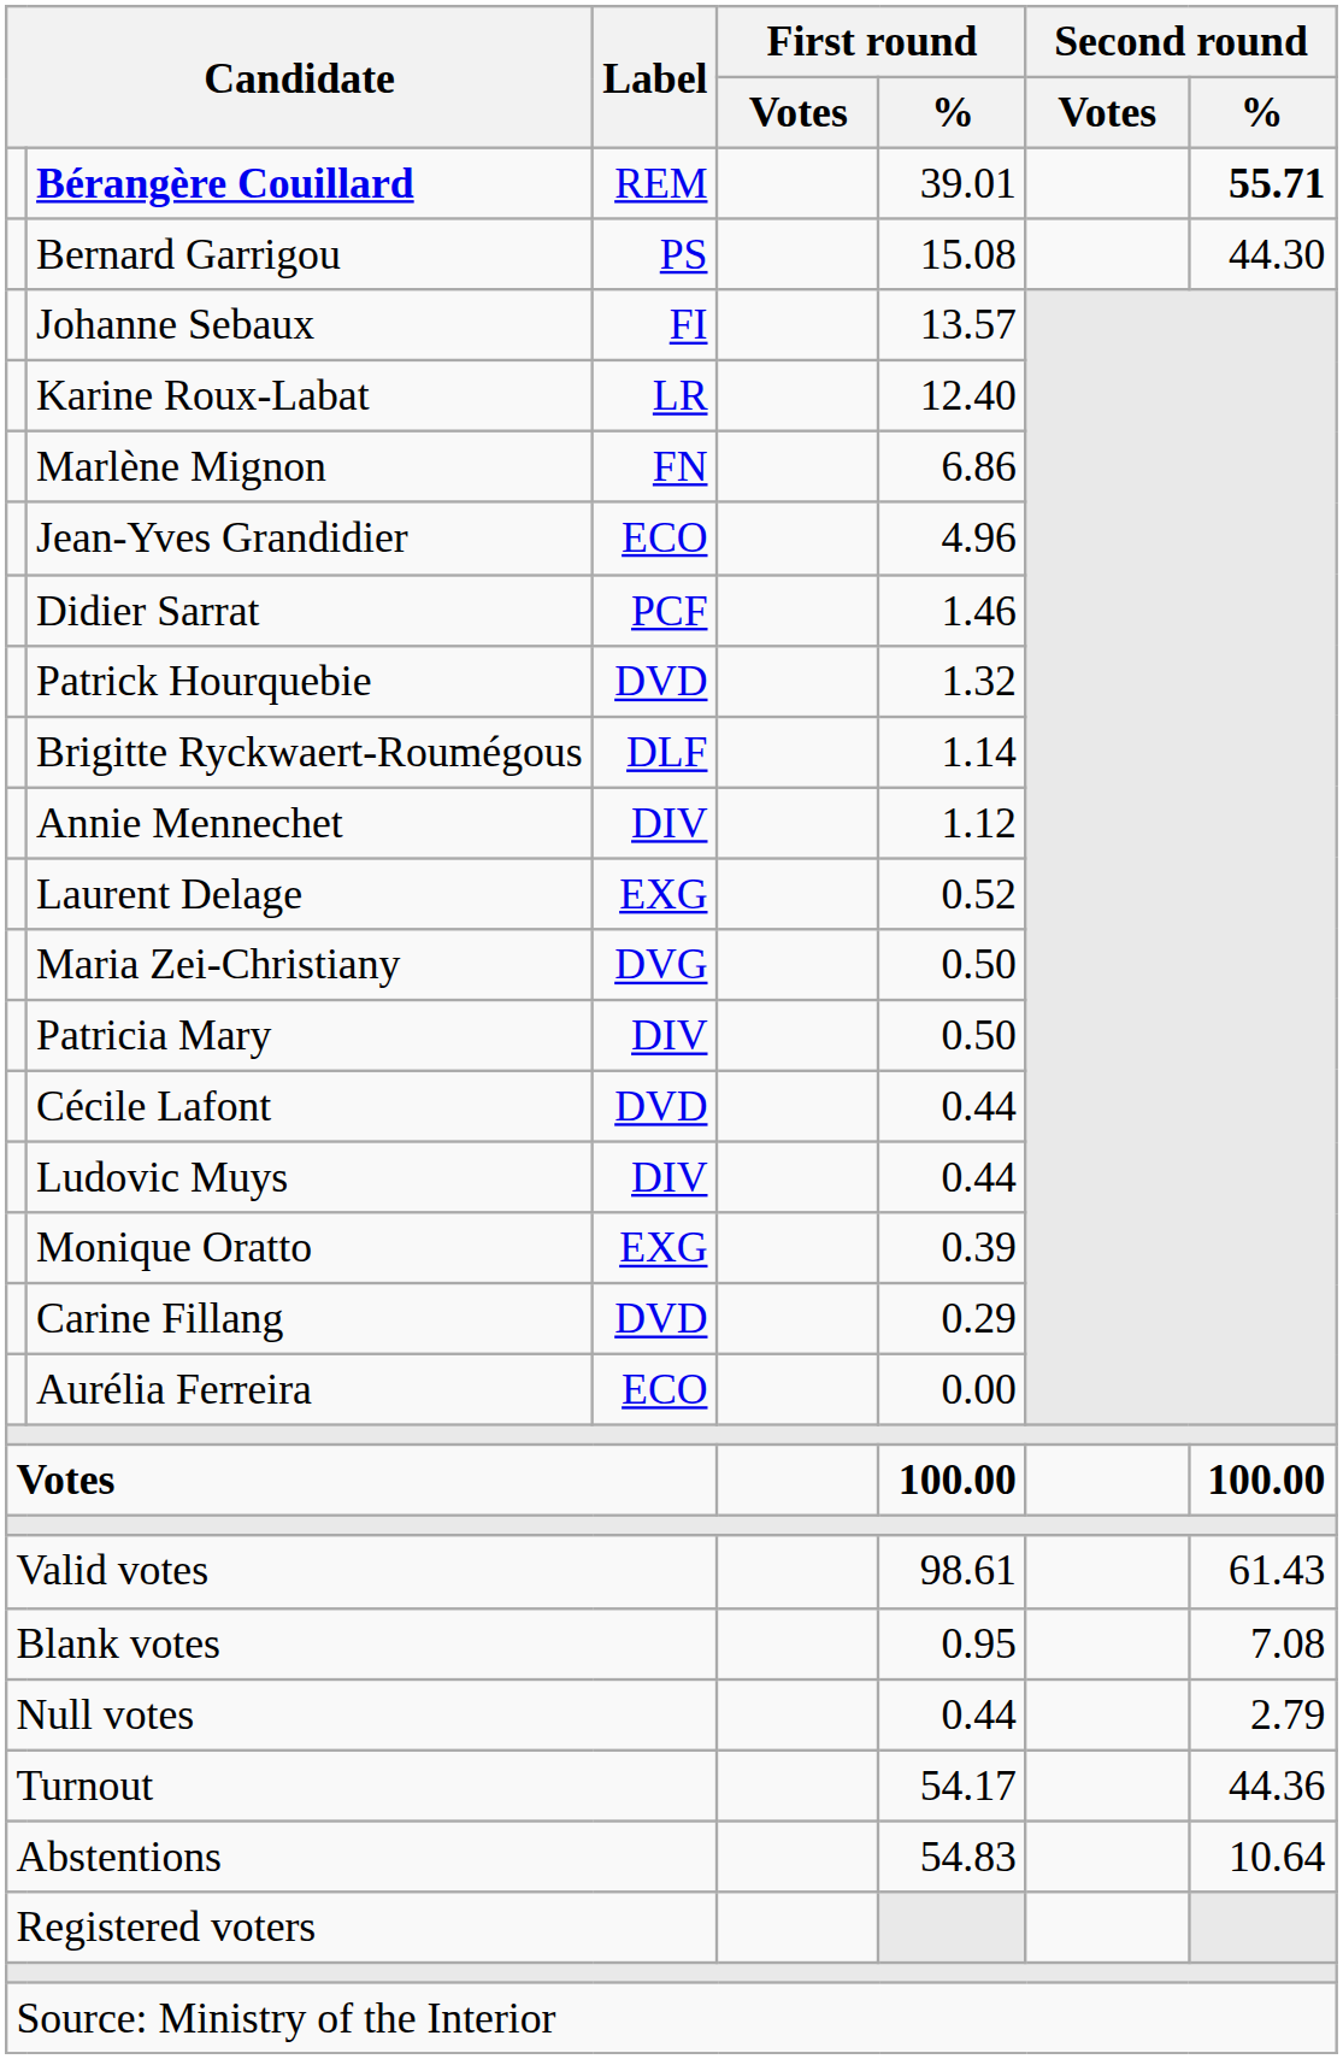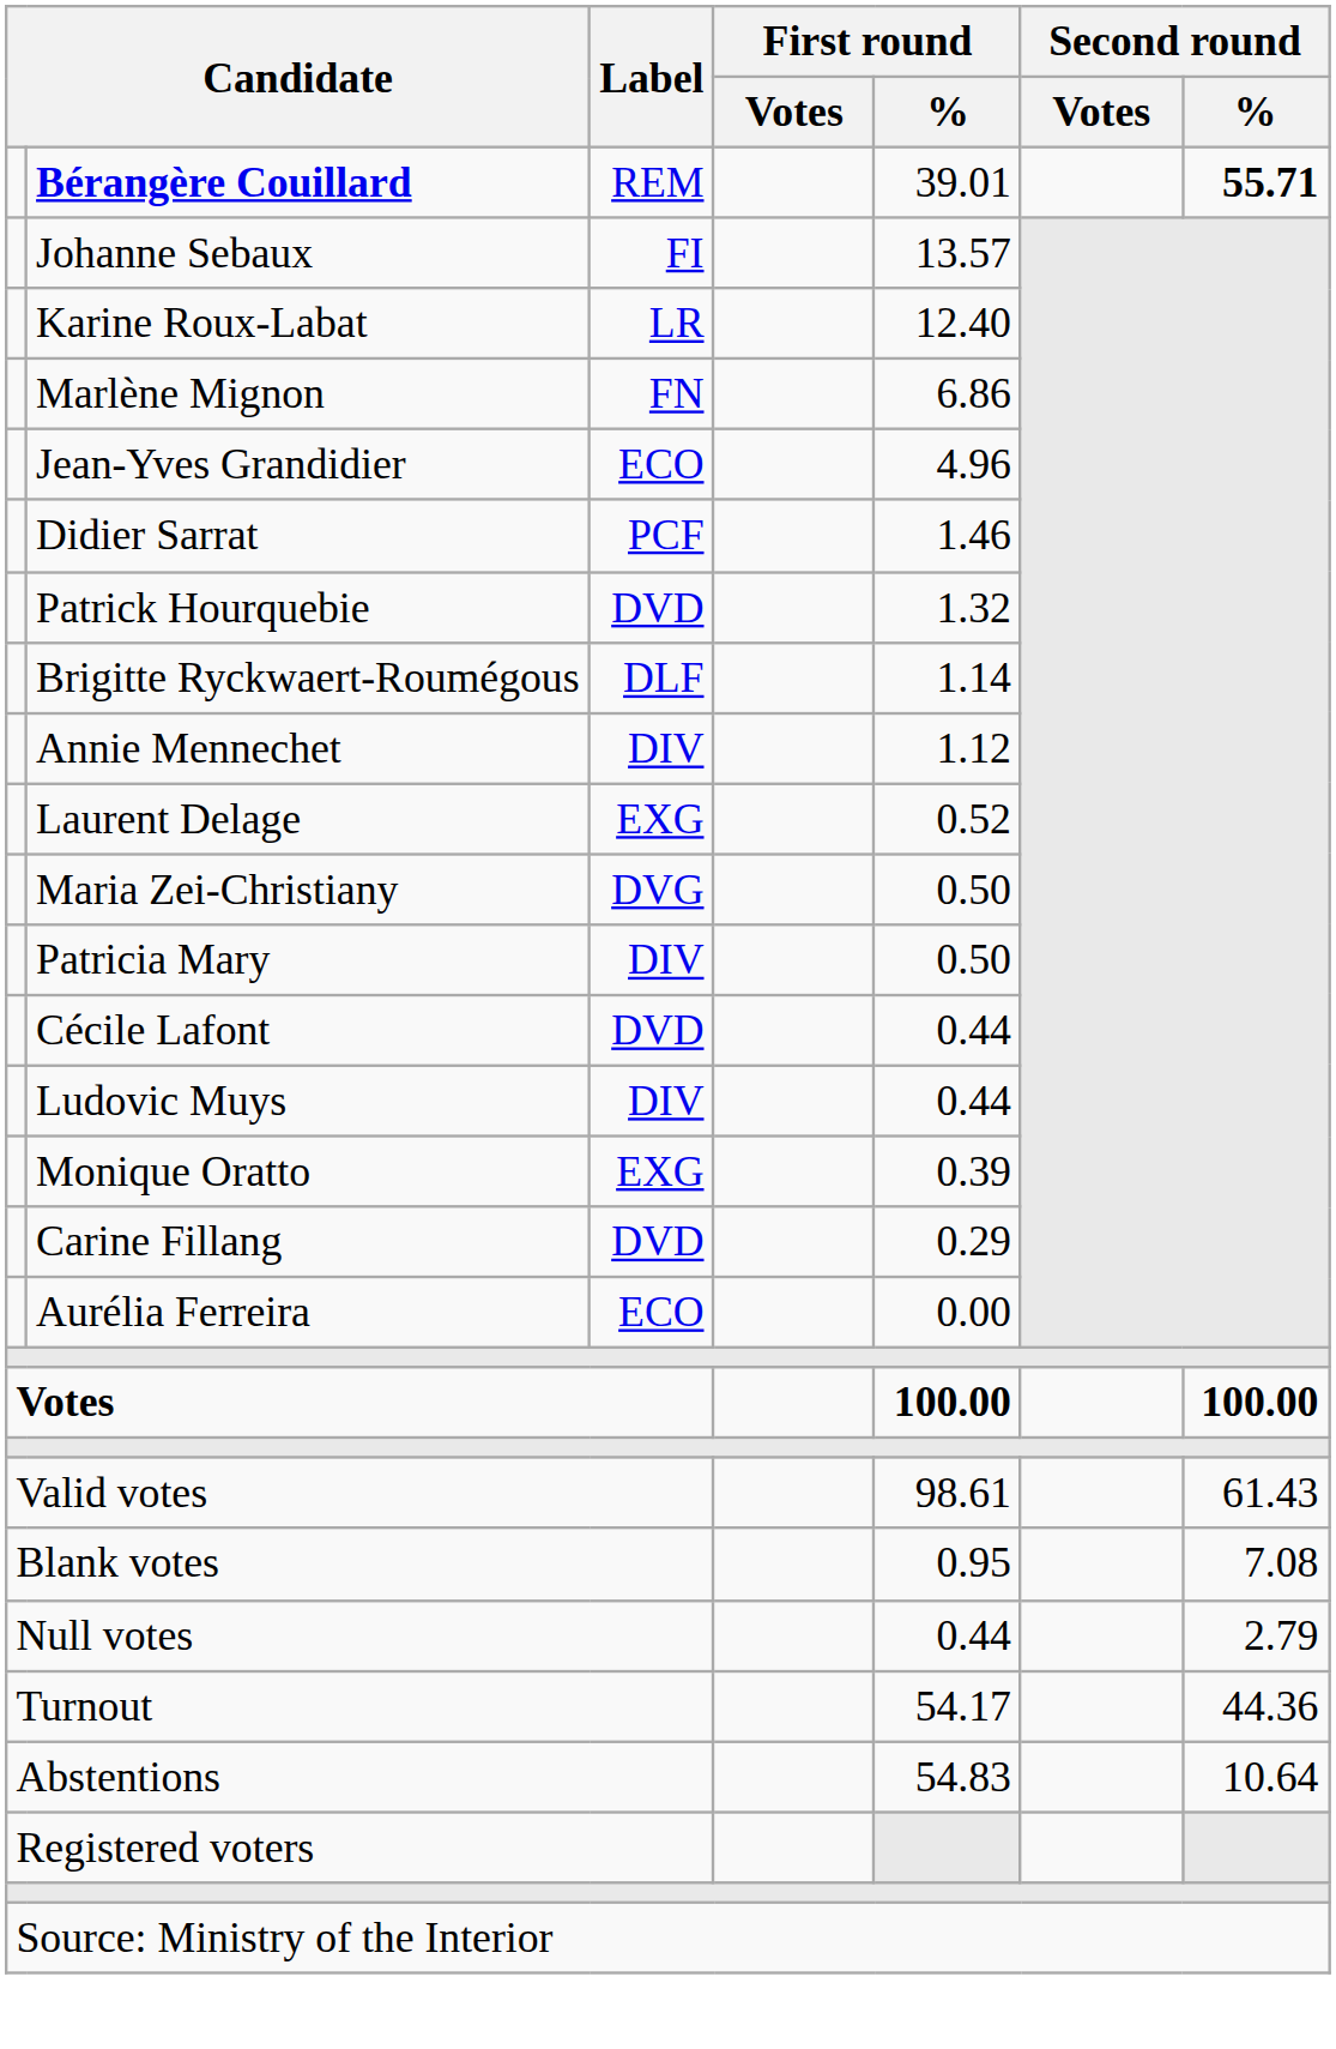 <table class="wikitable" style="text-align:right;font-size:95%;">
 <tr>
 <th rowspan="2" colspan="2">Candidate</th>
 <th rowspan="2">Label</th>
 <th colspan="2">First round</th>
 <th colspan="2">Second round</th>
 </tr>
 <tr>
 <th style="width:50px;">Votes</th>
 <th style="width:45px;">%</th>
 <th style="width:50px;">Votes</th>
 <th style="width:45px;">%</th>
 </tr>
 <tr>
 <td style="color:inherit;background:"></td>
 <td style="text-align:left;"><strong><a href='#'>Bérangère Couillard</a></strong></td>
 <td><a href='#'>REM</a></td>
 <td></td>
 <td>39.01</td>
 <td><strong></strong></td>
 <td><strong>55.71</strong></td>
-</tr>
-<tr>
-<td style="color:inherit;background:"></td>
-<td style="text-align:left;">Bernard Garrigou</td>
-<td><a href='#'>PS</a></td>
-<td></td>
-<td>15.08</td>
-<td></td>
-<td>44.30</td>
 </tr>
 <tr>
 <td style="color:inherit;background:"></td>
 <td style="text-align:left;">Johanne Sebaux</td>
 <td><a href='#'>FI</a></td>
 <td></td>
 <td>13.57</td>
 <td colspan="2" rowspan="16" style="background:#E9E9E9;"></td>
 </tr>
 <tr>
 <td style="color:inherit;background:"></td>
 <td style="text-align:left;">Karine Roux-Labat</td>
 <td><a href='#'>LR</a></td>
 <td></td>
 <td>12.40</td>
 </tr>
 <tr>
 <td style="color:inherit;background:"></td>
 <td style="text-align:left;">Marlène Mignon</td>
 <td><a href='#'>FN</a></td>
 <td></td>
 <td>6.86</td>
 </tr>
 <tr>
 <td style="color:inherit;background:"></td>
 <td style="text-align:left;">Jean-Yves Grandidier</td>
 <td><a href='#'>ECO</a></td>
 <td></td>
 <td>4.96</td>
 </tr>
 <tr>
 <td style="color:inherit;background:"></td>
 <td style="text-align:left;">Didier Sarrat</td>
 <td><a href='#'>PCF</a></td>
 <td></td>
 <td>1.46</td>
 </tr>
 <tr>
 <td style="color:inherit;background:"></td>
 <td style="text-align:left;">Patrick Hourquebie</td>
 <td><a href='#'>DVD</a></td>
 <td></td>
 <td>1.32</td>
 </tr>
 <tr>
 <td style="color:inherit;background:"></td>
 <td style="text-align:left;">Brigitte Ryckwaert-Roumégous</td>
 <td><a href='#'>DLF</a></td>
 <td></td>
 <td>1.14</td>
 </tr>
 <tr>
 <td style="color:inherit;background:"></td>
 <td style="text-align:left;">Annie Mennechet</td>
 <td><a href='#'>DIV</a></td>
 <td></td>
 <td>1.12</td>
 </tr>
 <tr>
 <td style="color:inherit;background:"></td>
 <td style="text-align:left;">Laurent Delage</td>
 <td><a href='#'>EXG</a></td>
 <td></td>
 <td>0.52</td>
 </tr>
 <tr>
 <td style="color:inherit;background:"></td>
 <td style="text-align:left;">Maria Zei-Christiany</td>
 <td><a href='#'>DVG</a></td>
 <td></td>
 <td>0.50</td>
 </tr>
 <tr>
 <td style="color:inherit;background:"></td>
 <td style="text-align:left;">Patricia Mary</td>
 <td><a href='#'>DIV</a></td>
 <td></td>
 <td>0.50</td>
 </tr>
 <tr>
 <td style="color:inherit;background:"></td>
 <td style="text-align:left;">Cécile Lafont</td>
 <td><a href='#'>DVD</a></td>
 <td></td>
 <td>0.44</td>
 </tr>
 <tr>
 <td style="color:inherit;background:"></td>
 <td style="text-align:left;">Ludovic Muys</td>
 <td><a href='#'>DIV</a></td>
 <td></td>
 <td>0.44</td>
 </tr>
 <tr>
 <td style="color:inherit;background:"></td>
 <td style="text-align:left;">Monique Oratto</td>
 <td><a href='#'>EXG</a></td>
 <td></td>
 <td>0.39</td>
 </tr>
 <tr>
 <td style="color:inherit;background:"></td>
 <td style="text-align:left;">Carine Fillang</td>
 <td><a href='#'>DVD</a></td>
 <td></td>
 <td>0.29</td>
 </tr>
 <tr>
 <td style="color:inherit;background:"></td>
 <td style="text-align:left;">Aurélia Ferreira</td>
 <td><a href='#'>ECO</a></td>
 <td></td>
 <td>0.00</td>
 </tr>
 <tr>
 <td colspan="7" style="background:#E9E9E9;"></td>
 </tr>
 <tr style="font-weight:bold;">
 <td colspan="3" style="text-align:left;">Votes</td>
 <td></td>
 <td>100.00</td>
 <td></td>
 <td>100.00</td>
 </tr>
 <tr>
 <td colspan="7" style="background:#E9E9E9;"></td>
 </tr>
 <tr>
 <td colspan="3" style="text-align:left;">Valid votes</td>
 <td></td>
 <td>98.61</td>
 <td></td>
 <td>61.43</td>
 </tr>
 <tr>
 <td colspan="3" style="text-align:left;">Blank votes</td>
 <td></td>
 <td>0.95</td>
 <td></td>
 <td>7.08</td>
 </tr>
 <tr>
 <td colspan="3" style="text-align:left;">Null votes</td>
 <td></td>
 <td>0.44</td>
 <td></td>
 <td>2.79</td>
 </tr>
 <tr>
 <td colspan="3" style="text-align:left;">Turnout</td>
 <td></td>
 <td>54.17</td>
 <td></td>
 <td>44.36</td>
 </tr>
 <tr>
 <td colspan="3" style="text-align:left;">Abstentions</td>
 <td></td>
 <td>54.83</td>
 <td></td>
 <td>10.64</td>
 </tr>
 <tr>
 <td colspan="3" style="text-align:left;">Registered voters</td>
 <td></td>
 <td style="color:inherit;background:#E9E9E9;"></td>
 <td></td>
 <td style="color:inherit;background:#E9E9E9;"></td>
 </tr>
 <tr>
 <td colspan="7" style="background:#E9E9E9;"></td>
 </tr>
 <tr>
 <td colspan="7" style="text-align:left;">Source: Ministry of the Interior</td>
 </tr>
 </table>
